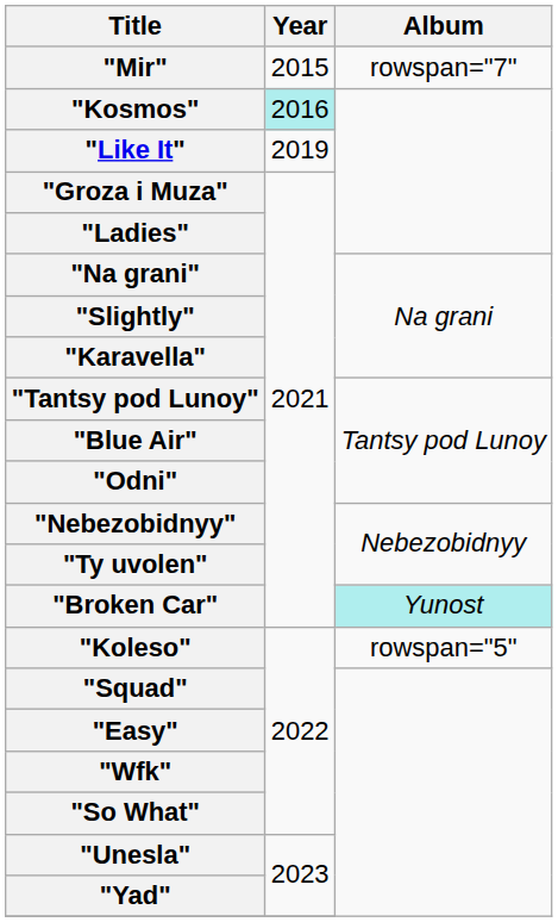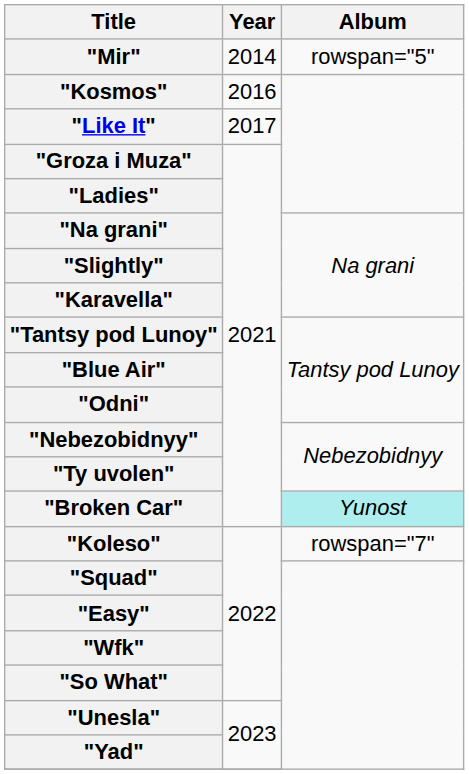 <table class="wikitable plainrowheaders" style="text-align:center;">
 <tr>
 <th scope="col" rowspan="1">Title</th>
 <th scope="col" rowspan="1">Year</th>
 <th scope="col" rowspan="1">Album</th>
 </tr>
 <tr>
 <th scope="row">"Mir"</th>
-<td>2015</td>
-<td>rowspan="7" </td>
+<td>2014</td>
+<td>rowspan="5" </td>
 </tr>
 <tr>
 <th scope="row">"Kosmos"</th>
-<td style="background: paleturquoise;">2016</td>
+<td>2016</td>
 </tr>
 <tr>
 <th scope="row">"<a href='#'>Like It</a>"</th>
-<td>2019</td>
+<td>2017</td>
 </tr>
 <tr>
 <th scope="row">"Groza i Muza"</th>
 <td rowspan="11">2021</td>
 </tr>
 <tr>
 <th scope="row">"Ladies"<br></th>
 </tr>
 <tr>
 <th scope="row">"Na grani"</th>
 <td rowspan="3"><em>Na grani</em></td>
 </tr>
 <tr>
 <th scope="row">"Slightly"</th>
 </tr>
 <tr>
 <th scope="row">"Karavella"</th>
 </tr>
 <tr>
 <th scope="row">"Tantsy pod Lunoy"</th>
 <td rowspan="3"><em>Tantsy pod Lunoy</em></td>
 </tr>
 <tr>
 <th scope="row">"Blue Air"</th>
 </tr>
 <tr>
 <th scope="row">"Odni"</th>
 </tr>
 <tr>
 <th scope="row">"Nebezobidnyy"</th>
 <td rowspan="2"><em>Nebezobidnyy</em></td>
 </tr>
 <tr>
 <th scope="row">"Ty uvolen"</th>
 </tr>
 <tr>
 <th scope="row">"Broken Car"</th>
 <td style="background: paleturquoise;"><em>Yunost<strong></td>
 </tr>
 <tr>
 <th scope="row">"Koleso"</th>
 <td rowspan="5">2022</td>
-<td>rowspan="5" </td>
+<td>rowspan="7" </td>
 </tr>
 <tr>
 <th scope="row">"Squad"</th>
 </tr>
 <tr>
 <th scope="row">"Easy"</th>
 </tr>
 <tr>
 <th scope="row">"Wfk"</th>
 </tr>
 <tr>
 <th scope="row">"So What"</th>
 </tr>
 <tr>
 <th scope="row">"Unesla"</th>
 <td rowspan="2">2023</td>
 </tr>
 <tr>
 <th scope="row">"Yad"</th>
 </tr>
 <tr>
 </tr>
 </table>
